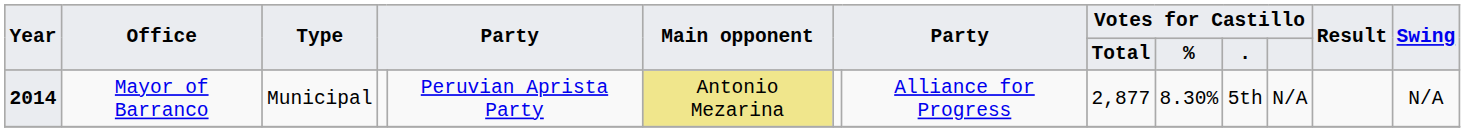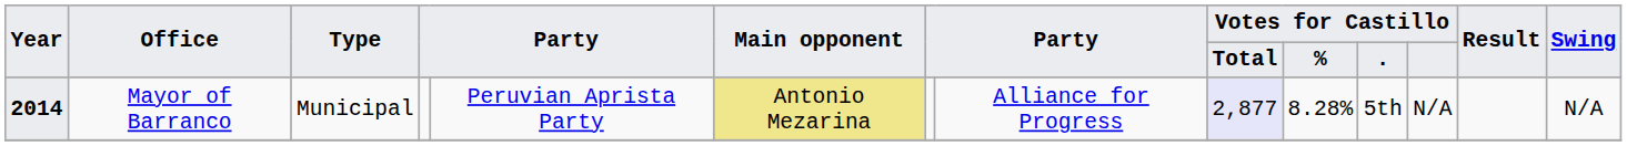 <table class="wikitable" style="font-size:90%; text-align:center;">
 <tr>
 <th style="background-color:#EAECF0;" rowspan=2>Year</th>
 <th style="background-color:#EAECF0;" rowspan=2>Office</th>
 <th style="background-color:#EAECF0;" rowspan=2>Type</th>
 <th style="background-color:#EAECF0;" colspan=2 rowspan=2>Party</th>
 <th style="background-color:#EAECF0;" rowspan=2>Main opponent</th>
 <th style="background-color:#EAECF0;" colspan=2 rowspan=2>Party</th>
 <th style="background-color:#EAECF0;" colspan=4>Votes for Castillo</th>
 <th style="background-color:#EAECF0;" rowspan=2>Result</th>
 <th style="background-color:#EAECF0;" colspan=2 rowspan=2><a href='#'>Swing</a></th>
 </tr>
 <tr>
 <th style="background-color:#EAECF0;">Total</th>
 <th style="background-color:#EAECF0;">%</th>
 <th style="background-color:#EAECF0;">.</th>
 <th style="background-color:#EAECF0;"></th>
 </tr>
 <tr>
 <th style="background-color:#EAECF0;">2014</th>
 <td><a href='#'>Mayor of Barranco</a></td>
 <td>Municipal</td>
 <td style="background-color:"></td>
 <td><a href='#'>Peruvian Aprista Party</a></td>
 <td style="background: khaki;">Antonio Mezarina</td>
 <td style="background-color:"></td>
 <td><a href='#'>Alliance for Progress</a></td>
-<td>2,877</td>
-<td>8.30%</td>
+<td style="background: lavender;">2,877</td>
+<td>8.28%</td>
 <td>5th</td>
 <td>N/A</td>
 <td></td>
 <td colspan=2>N/A</td>
 </tr>
 <tr>
 </tr>
 </table>
